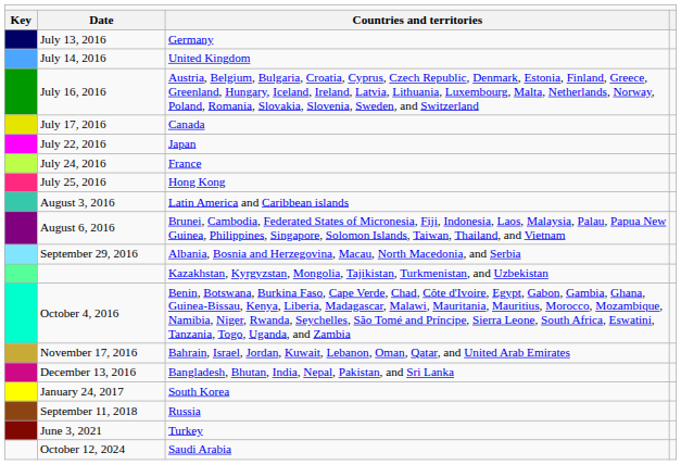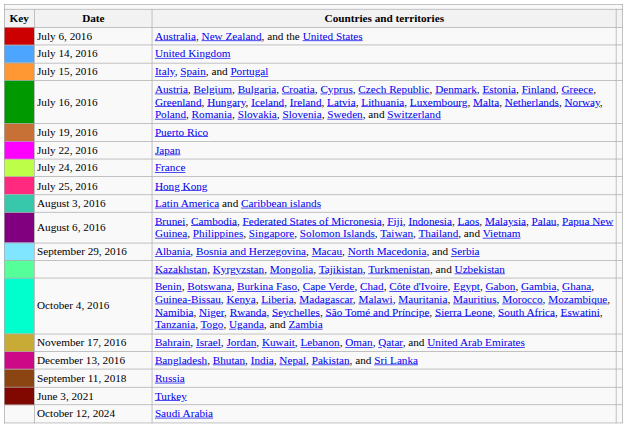 <table class="wikitable mw-collapsible" style="margin: 1em auto;" width="70%">
 <tr>
 <td style="text-align: center;" colspan=4></td>
 </tr>
 <tr>
 <th scope="col">Key</th>
 <th scope="col">Date</th>
 <th scope="col" width="75%">Countries and territories</th>
 <th scope="col"></th>
 </tr>
 <tr>
-<td bgcolor="#000066"></td>
-<td>July 13, 2016</td>
-<td><a href='#'>Germany</a></td>
+<td bgcolor="#CC0000"></td>
+<td>July 6, 2016</td>
+<td><a href='#'>Australia</a>, <a href='#'>New Zealand</a>, and the <a href='#'>United States</a></td>
 <td></td>
 </tr>
 <tr>
 <td bgcolor="#4ca6ff"></td>
 <td>July 14, 2016</td>
 <td><a href='#'>United Kingdom</a></td>
 <td></td>
 </tr>
 <tr>
+<td bgcolor="#ff9832"></td>
+<td>July 15, 2016</td>
+<td><a href='#'>Italy</a>, <a href='#'>Spain</a>, and <a href='#'>Portugal</a></td>
+<td></td>
+</tr>
+<tr>
 <td bgcolor="#009900"></td>
 <td>July 16, 2016</td>
 <td><a href='#'>Austria</a>, <a href='#'>Belgium</a>, <a href='#'>Bulgaria</a>, <a href='#'>Croatia</a>, <a href='#'>Cyprus</a>, <a href='#'>Czech Republic</a>, <a href='#'>Denmark</a>, <a href='#'>Estonia</a>, <a href='#'>Finland</a>, <a href='#'>Greece</a>, <a href='#'>Greenland</a>, <a href='#'>Hungary</a>, <a href='#'>Iceland</a>, <a href='#'>Ireland</a>, <a href='#'>Latvia</a>, <a href='#'>Lithuania</a>, <a href='#'>Luxembourg</a>, <a href='#'>Malta</a>, <a href='#'>Netherlands</a>, <a href='#'>Norway</a>, <a href='#'>Poland</a>, <a href='#'>Romania</a>, <a href='#'>Slovakia</a>, <a href='#'>Slovenia</a>, <a href='#'>Sweden</a>, and <a href='#'>Switzerland</a></td>
 <td></td>
 </tr>
 <tr>
-<td bgcolor="#E5E500"></td>
-<td>July 17, 2016</td>
-<td><a href='#'>Canada</a></td>
+<td bgcolor="#C87137"></td>
+<td>July 19, 2016</td>
+<td><a href='#'>Puerto Rico</a></td>
 <td></td>
 </tr>
 <tr>
 <td bgcolor="#FF00FF"></td>
 <td>July 22, 2016</td>
 <td><a href='#'>Japan</a></td>
 <td></td>
 </tr>
 <tr>
 <td bgcolor="#BDFF48"></td>
 <td>July 24, 2016</td>
 <td><a href='#'>France</a></td>
 <td></td>
 </tr>
 <tr>
 <td bgcolor="#FF2A7F"></td>
 <td>July 25, 2016</td>
 <td><a href='#'>Hong Kong</a></td>
 <td></td>
 </tr>
 <tr>
 <td bgcolor="#37C8AB"></td>
 <td>August 3, 2016</td>
 <td><a href='#'>Latin America</a> and <a href='#'>Caribbean islands</a></td>
 <td></td>
 </tr>
 <tr>
 <td bgcolor="#800080"></td>
 <td>August 6, 2016</td>
 <td><a href='#'>Brunei</a>, <a href='#'>Cambodia</a>, <a href='#'>Federated States of Micronesia</a>, <a href='#'>Fiji</a>, <a href='#'>Indonesia</a>, <a href='#'>Laos</a>, <a href='#'>Malaysia</a>, <a href='#'>Palau</a>, <a href='#'>Papua New Guinea</a>, <a href='#'>Philippines</a>, <a href='#'>Singapore</a>, <a href='#'>Solomon Islands</a>, <a href='#'>Taiwan</a>, <a href='#'>Thailand</a>, and <a href='#'>Vietnam</a></td>
 <td></td>
 </tr>
 <tr>
 <td bgcolor="#80e5ff"></td>
 <td>September 29, 2016</td>
 <td><a href='#'>Albania</a>, <a href='#'>Bosnia and Herzegovina</a>, <a href='#'>Macau</a>, <a href='#'>North Macedonia</a>, and <a href='#'>Serbia</a></td>
 <td></td>
 </tr>
 <tr>
 <td bgcolor="#55ff99"></td>
 <td></td>
 <td><a href='#'>Kazakhstan</a>, <a href='#'>Kyrgyzstan</a>, <a href='#'>Mongolia</a>, <a href='#'>Tajikistan</a>, <a href='#'>Turkmenistan</a>, and <a href='#'>Uzbekistan</a></td>
 <td></td>
 </tr>
 <tr>
 <td bgcolor="#00ffcc"></td>
 <td>October 4, 2016</td>
 <td><a href='#'>Benin</a>, <a href='#'>Botswana</a>, <a href='#'>Burkina Faso</a>, <a href='#'>Cape Verde</a>, <a href='#'>Chad</a>, <a href='#'>Côte d'Ivoire</a>, <a href='#'>Egypt</a>, <a href='#'>Gabon</a>, <a href='#'>Gambia</a>, <a href='#'>Ghana</a>, <a href='#'>Guinea-Bissau</a>, <a href='#'>Kenya</a>, <a href='#'>Liberia</a>, <a href='#'>Madagascar</a>, <a href='#'>Malawi</a>, <a href='#'>Mauritania</a>, <a href='#'>Mauritius</a>, <a href='#'>Morocco</a>, <a href='#'>Mozambique</a>, <a href='#'>Namibia</a>, <a href='#'>Niger</a>, <a href='#'>Rwanda</a>, <a href='#'>Seychelles</a>, <a href='#'>São Tomé and Príncipe</a>, <a href='#'>Sierra Leone</a>, <a href='#'>South Africa</a>, <a href='#'>Eswatini</a>, <a href='#'>Tanzania</a>, <a href='#'>Togo</a>, <a href='#'>Uganda</a>, and <a href='#'>Zambia</a></td>
 <td></td>
 </tr>
 <tr>
 <td bgcolor="#c8ab37"></td>
 <td>November 17, 2016</td>
 <td><a href='#'>Bahrain</a>, <a href='#'>Israel</a>, <a href='#'>Jordan</a>, <a href='#'>Kuwait</a>, <a href='#'>Lebanon</a>, <a href='#'>Oman</a>, <a href='#'>Qatar</a>, and <a href='#'>United Arab Emirates</a></td>
 <td></td>
 </tr>
 <tr>
 <td bgcolor="#cd0987"></td>
 <td>December 13, 2016</td>
 <td><a href='#'>Bangladesh</a>, <a href='#'>Bhutan</a>, <a href='#'>India</a>, <a href='#'>Nepal</a>, <a href='#'>Pakistan</a>, and <a href='#'>Sri Lanka</a></td>
 <td></td>
 </tr>
 <tr>
-<td bgcolor="ffff00"></td>
-<td>January 24, 2017</td>
-<td><a href='#'>South Korea</a></td>
-<td></td>
-</tr>
-<tr>
 <td bgcolor="8b4513"></td>
 <td>September 11, 2018</td>
 <td><a href='#'>Russia</a></td>
 <td></td>
 </tr>
 <tr>
 <td bgcolor="800800"></td>
 <td>June 3, 2021</td>
 <td><a href='#'>Turkey</a></td>
 <td></td>
 </tr>
 <tr>
 <td></td>
 <td>October 12, 2024</td>
 <td><a href='#'>Saudi Arabia</a></td>
 <td></td>
 </tr>
 </table>
